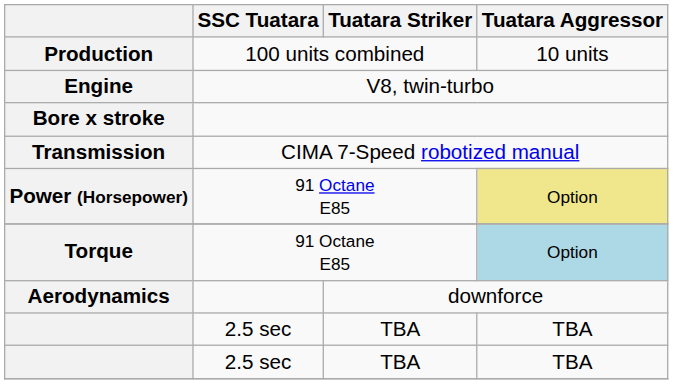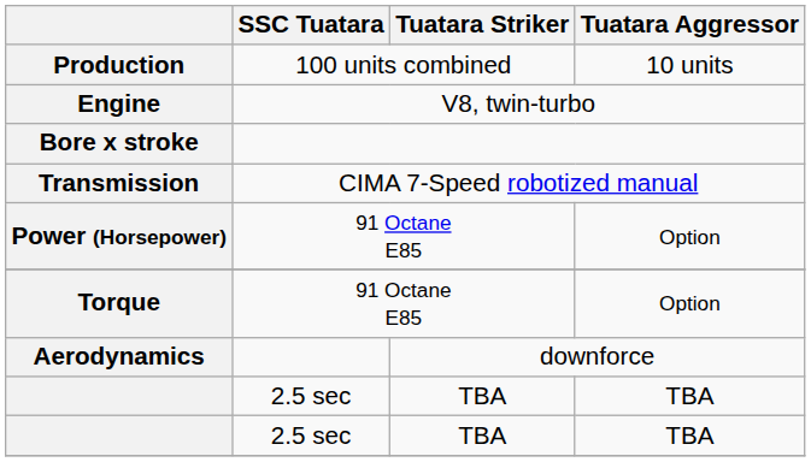 <table class="wikitable">
 <tr>
 <th></th>
 <th>SSC Tuatara</th>
 <th>Tuatara Striker</th>
 <th>Tuatara Aggressor</th>
 </tr>
 <tr --->
 <th align="left">Production</th>
 <td colspan="2" align="center">100 units combined</td>
 <td align="center">10 units</td>
 </tr>
 <tr --->
 <th align="left">Engine</th>
 <td colspan="3" align="center"> V8, twin-turbo</td>
 </tr>
 <tr --->
 <th align="left">Bore x stroke</th>
 <td colspan="3" align="center"></td>
 </tr>
 <tr --->
 <th align="left">Transmission</th>
 <td colspan="3" align="center">CIMA 7-Speed <a href='#'>robotized manual</a></td>
 </tr>
 <tr --->
 <th align="left">Power <small>(Horsepower)</small></th>
 <td colspan="2" align="center"> <small>91 <a href='#'>Octane</a></small> <br>  <small>E85</small></td>
-<td align="center" style="background: khaki;"> <small>Option</small></td>
+<td align="center"> <small>Option</small></td>
 </tr>
 <tr>
 </tr>
 <tr --->
 <th align="left">Torque</th>
 <td colspan="2" align="center"> <small>91 Octane</small> <br>  <small>E85</small></td>
-<td align="center" style="background: lightblue;"> <small>Option</small></td>
+<td align="center"> <small>Option</small></td>
 </tr>
 <tr>
 <th>Aerodynamics</th>
 <td align="center"></td>
 <td colspan="2" align="center"> downforce</td>
 </tr>
 <tr --->
 <th align="left"></th>
 <td align="center">2.5 sec</td>
 <td align="center">TBA</td>
 <td align="center">TBA</td>
 </tr>
 <tr --->
 <th align="left"></th>
 <td align="center">2.5 sec</td>
 <td align="center">TBA</td>
 <td align="center">TBA</td>
 </tr>
 <tr --->
 </tr>
 </table>
